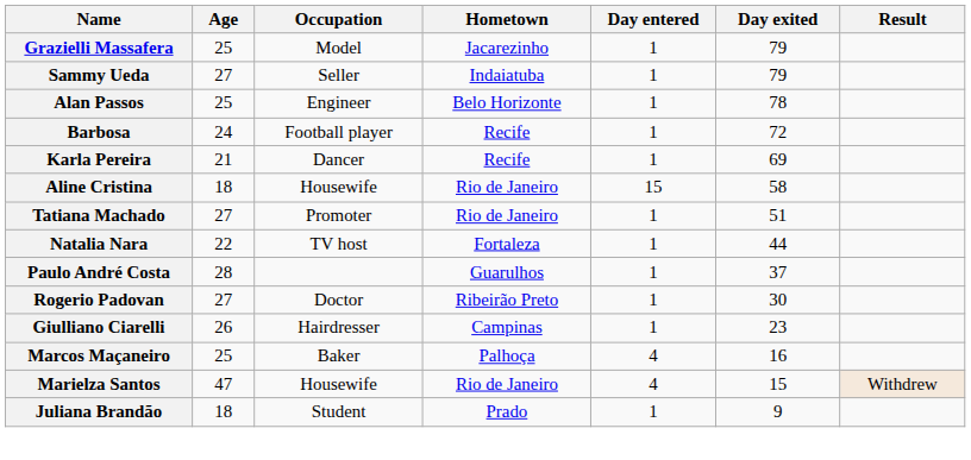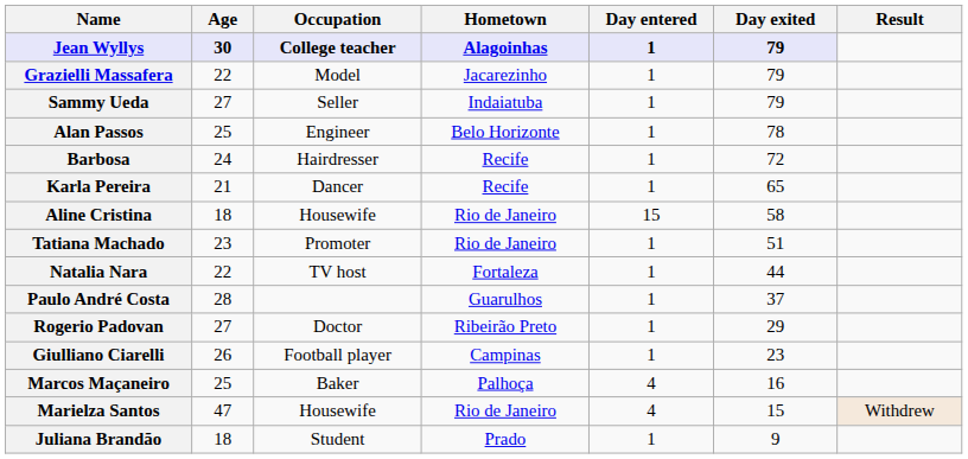 <table class="wikitable sortable" style="text-align:center;">
 <tr>
 <th scope="col" width="15.0%">Name</th>
 <th scope="col" width="05.0%">Age</th>
 <th scope="col" width="13.5%">Occupation</th>
 <th scope="col" width="13.5%">Hometown</th>
 <th scope="col" width="10.0%">Day entered</th>
 <th scope="col" width="10.0%">Day exited</th>
 <th scope="col" width="10.0%">Result</th>
 </tr>
 <tr>
+<td bgcolor="E6E6FA"><strong><a href='#'>Jean Wyllys</a></strong></td>
+<td bgcolor="E6E6FA"><strong>30</strong></td>
+<td bgcolor="E6E6FA"><strong>College teacher</strong></td>
+<td bgcolor="E6E6FA"><strong><a href='#'>Alagoinhas</a></strong></td>
+<td bgcolor="E6E6FA"><strong>1</strong></td>
+<td bgcolor="E6E6FA"><strong>79</strong></td>
+<td></td>
+</tr>
+<tr>
 <th><a href='#'>Grazielli Massafera</a></th>
-<td>25</td>
+<td>22</td>
 <td>Model</td>
 <td><a href='#'>Jacarezinho</a></td>
 <td>1</td>
 <td>79</td>
 <td></td>
 </tr>
 <tr>
 <th>Sammy Ueda</th>
 <td>27</td>
 <td>Seller</td>
 <td><a href='#'>Indaiatuba</a></td>
 <td>1</td>
 <td>79</td>
 <td></td>
 </tr>
 <tr>
 <th>Alan Passos</th>
 <td>25</td>
 <td>Engineer</td>
 <td><a href='#'>Belo Horizonte</a></td>
 <td>1</td>
 <td>78</td>
 <td></td>
 </tr>
 <tr>
 <th> Barbosa</th>
 <td>24</td>
-<td>Football player</td>
+<td>Hairdresser</td>
 <td><a href='#'>Recife</a></td>
 <td>1</td>
 <td>72</td>
 <td></td>
 </tr>
 <tr>
 <th>Karla Pereira</th>
 <td>21</td>
 <td>Dancer</td>
 <td><a href='#'>Recife</a></td>
 <td>1</td>
-<td>69</td>
+<td>65</td>
 <td></td>
 </tr>
 <tr>
 <th>Aline Cristina</th>
 <td>18</td>
 <td>Housewife</td>
 <td><a href='#'>Rio de Janeiro</a></td>
 <td>15</td>
 <td>58</td>
 <td></td>
 </tr>
 <tr>
 <th>Tatiana Machado</th>
-<td>27</td>
+<td>23</td>
 <td>Promoter</td>
 <td><a href='#'>Rio de Janeiro</a></td>
 <td>1</td>
 <td>51</td>
 <td></td>
 </tr>
 <tr>
 <th>Natalia Nara</th>
 <td>22</td>
 <td>TV host</td>
 <td><a href='#'>Fortaleza</a></td>
 <td>1</td>
 <td>44</td>
 <td></td>
 </tr>
 <tr>
 <th>Paulo André Costa</th>
 <td>28</td>
 <td></td>
 <td><a href='#'>Guarulhos</a></td>
 <td>1</td>
 <td>37</td>
 <td></td>
 </tr>
 <tr>
 <th>Rogerio Padovan</th>
 <td>27</td>
 <td>Doctor</td>
 <td><a href='#'>Ribeirão Preto</a></td>
 <td>1</td>
-<td>30</td>
+<td>29</td>
 <td></td>
 </tr>
 <tr>
 <th>Giulliano Ciarelli</th>
 <td>26</td>
-<td>Hairdresser</td>
+<td>Football player</td>
 <td><a href='#'>Campinas</a></td>
 <td>1</td>
 <td>23</td>
 <td></td>
 </tr>
 <tr>
 <th>Marcos Maçaneiro</th>
 <td>25</td>
 <td>Baker</td>
 <td><a href='#'>Palhoça</a></td>
 <td>4</td>
 <td>16</td>
 <td></td>
 </tr>
 <tr>
 <th>Marielza Santos</th>
 <td>47</td>
 <td>Housewife</td>
 <td><a href='#'>Rio de Janeiro</a></td>
 <td>4</td>
 <td>15</td>
 <td bgcolor=f5e9dc>Withdrew</td>
 </tr>
 <tr>
 <th>Juliana Brandão</th>
 <td>18</td>
 <td>Student</td>
 <td><a href='#'>Prado</a></td>
 <td>1</td>
 <td>9</td>
 <td></td>
 </tr>
 </table>
